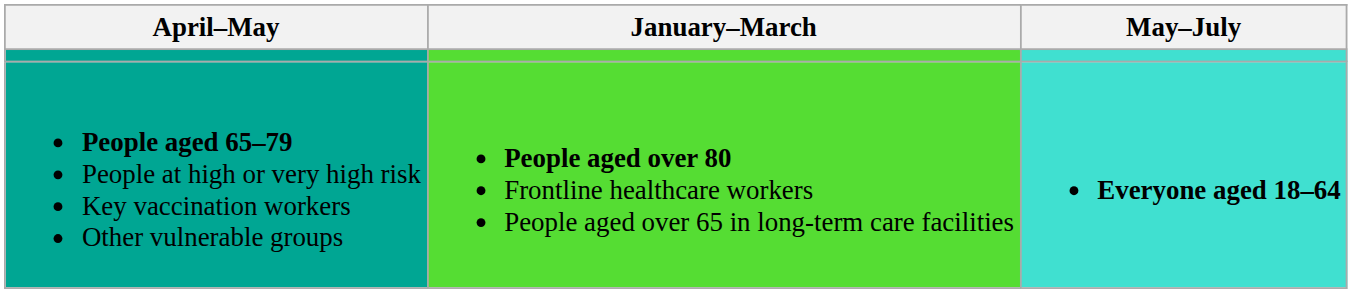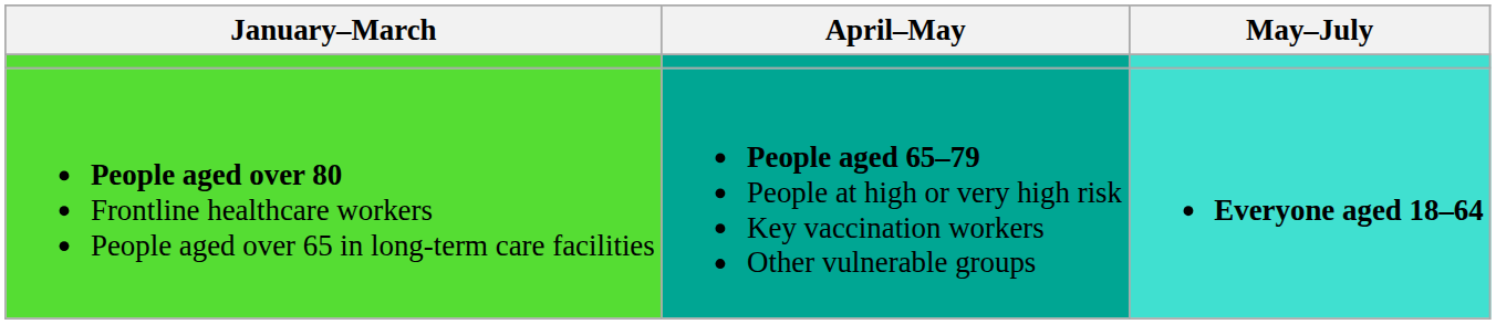 <table class="wikitable" style="text-align:left; font-size:95%">
 <tr>
+<th>January–March</th>
 <th>April–May</th>
-<th>January–March</th>
 <th>May–July</th>
 </tr>
 <tr>
+<td style="text-align:center; background:#55DD33"></td>
 <td style="text-align:center; background:#00A693"></td>
-<td style="text-align:center; background:#55DD33"></td>
 <td style="text-align:center; background:turquoise"></td>
 </tr>
 <tr>
+<td style="background:#55DD33"><br><ul><li><strong>People aged over 80</strong></li><li>Frontline healthcare workers</li><li>People aged over 65 in long-term care facilities</li></ul></td>
 <td style="background:#00A693"><br><ul><li><strong>People aged 65–79</strong></li><li>People at high or very high risk</li><li>Key vaccination workers</li><li>Other vulnerable groups</li></ul></td>
-<td style="background:#55DD33"><br><ul><li><strong>People aged over 80</strong></li><li>Frontline healthcare workers</li><li>People aged over 65 in long-term care facilities</li></ul></td>
 <td style="background:turquoise"><br><ul><li><strong>Everyone aged 18–64</strong></li></ul></td>
 </tr>
 </table>
